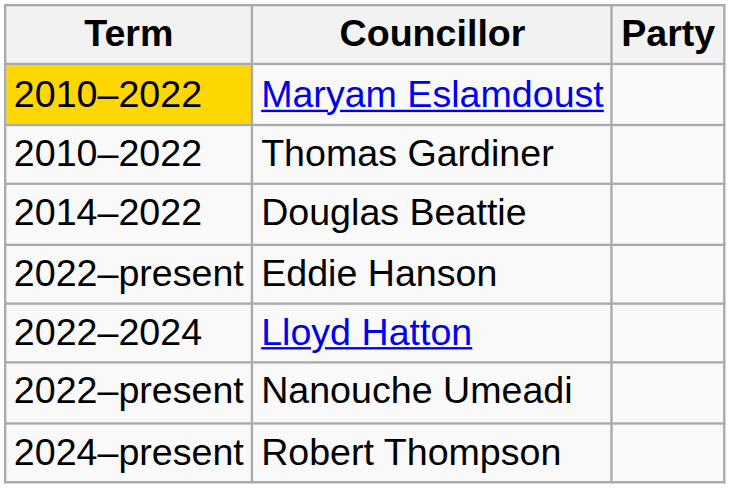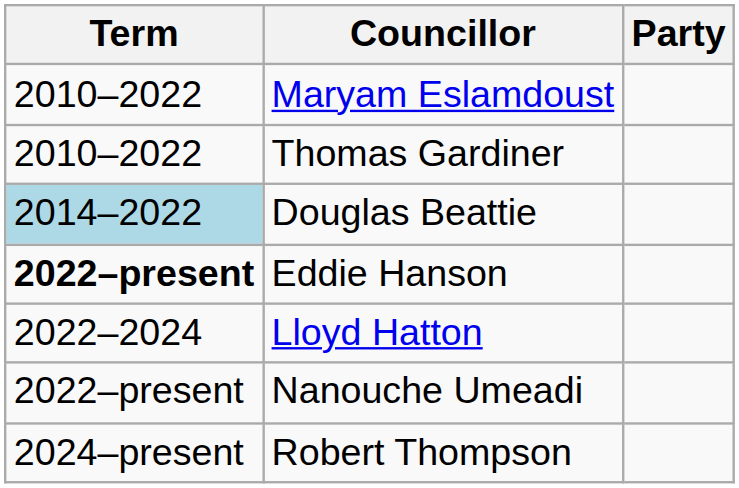 <table class="wikitable">
 <tr>
 <th>Term</th>
 <th>Councillor</th>
 <th colspan=2>Party</th>
 </tr>
 <tr>
-<td style="background: gold;">2010–2022</td>
+<td>2010–2022</td>
 <td><a href='#'>Maryam Eslamdoust</a></td>
 <td></td>
 </tr>
 <tr>
 <td>2010–2022</td>
 <td>Thomas Gardiner</td>
 <td></td>
 </tr>
 <tr>
-<td>2014–2022</td>
+<td style="background: lightblue;">2014–2022</td>
 <td>Douglas Beattie</td>
 <td></td>
 </tr>
 <tr>
-<td>2022–present</td>
+<td><strong>2022–present</strong></td>
 <td>Eddie Hanson</td>
 <td></td>
 </tr>
 <tr>
 <td>2022–2024</td>
 <td><a href='#'>Lloyd Hatton</a></td>
 <td></td>
 </tr>
 <tr>
 <td>2022–present</td>
 <td>Nanouche Umeadi</td>
 <td></td>
 </tr>
 <tr>
 <td>2024–present</td>
 <td>Robert Thompson</td>
 <td></td>
 </tr>
 </table>
